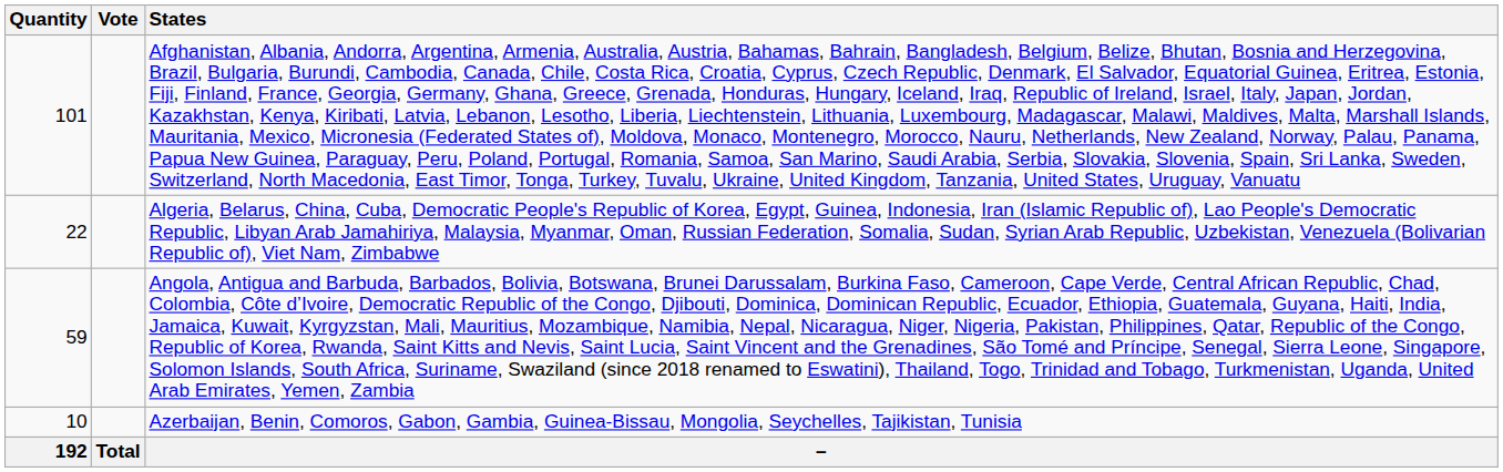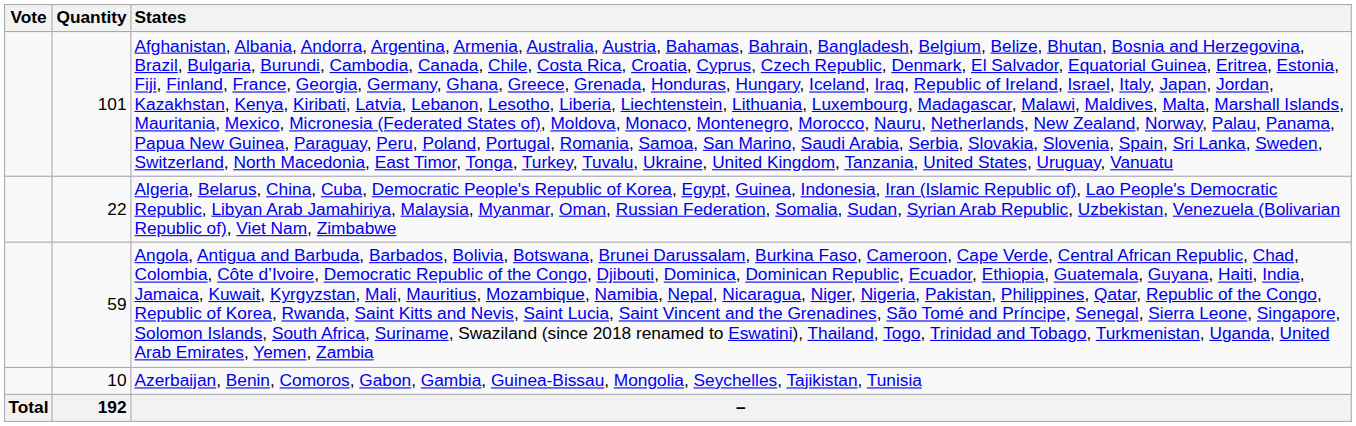 <table class="wikitable sortable">
 <tr>
+<th style="vertical-align: bottom">Vote</th>
 <th style="text-align: right; vertical-align: bottom;">Quantity</th>
-<th style="vertical-align: bottom">Vote</th>
 <th style="text-align: left; vertical-align: bottom">States</th>
 </tr>
 <tr>
+<td></td>
 <td style="text-align: right">101</td>
-<td></td>
 <td><a href='#'>Afghanistan</a>, <a href='#'>Albania</a>, <a href='#'>Andorra</a>, <a href='#'>Argentina</a>, <a href='#'>Armenia</a>, <a href='#'>Australia</a>, <a href='#'>Austria</a>, <a href='#'>Bahamas</a>, <a href='#'>Bahrain</a>, <a href='#'>Bangladesh</a>, <a href='#'>Belgium</a>, <a href='#'>Belize</a>, <a href='#'>Bhutan</a>, <a href='#'>Bosnia and Herzegovina</a>, <a href='#'>Brazil</a>, <a href='#'>Bulgaria</a>, <a href='#'>Burundi</a>, <a href='#'>Cambodia</a>, <a href='#'>Canada</a>, <a href='#'>Chile</a>, <a href='#'>Costa Rica</a>, <a href='#'>Croatia</a>, <a href='#'>Cyprus</a>, <a href='#'>Czech Republic</a>, <a href='#'>Denmark</a>, <a href='#'>El Salvador</a>, <a href='#'>Equatorial Guinea</a>, <a href='#'>Eritrea</a>, <a href='#'>Estonia</a>, <a href='#'>Fiji</a>, <a href='#'>Finland</a>, <a href='#'>France</a>, <a href='#'>Georgia</a>, <a href='#'>Germany</a>, <a href='#'>Ghana</a>, <a href='#'>Greece</a>, <a href='#'>Grenada</a>, <a href='#'>Honduras</a>, <a href='#'>Hungary</a>, <a href='#'>Iceland</a>, <a href='#'>Iraq</a>, <a href='#'>Republic of Ireland</a>, <a href='#'>Israel</a>, <a href='#'>Italy</a>, <a href='#'>Japan</a>, <a href='#'>Jordan</a>, <a href='#'>Kazakhstan</a>, <a href='#'>Kenya</a>, <a href='#'>Kiribati</a>, <a href='#'>Latvia</a>, <a href='#'>Lebanon</a>, <a href='#'>Lesotho</a>, <a href='#'>Liberia</a>, <a href='#'>Liechtenstein</a>, <a href='#'>Lithuania</a>, <a href='#'>Luxembourg</a>, <a href='#'>Madagascar</a>, <a href='#'>Malawi</a>, <a href='#'>Maldives</a>, <a href='#'>Malta</a>, <a href='#'>Marshall Islands</a>, <a href='#'>Mauritania</a>, <a href='#'>Mexico</a>, <a href='#'>Micronesia (Federated States of)</a>, <a href='#'>Moldova</a>, <a href='#'>Monaco</a>, <a href='#'>Montenegro</a>, <a href='#'>Morocco</a>, <a href='#'>Nauru</a>, <a href='#'>Netherlands</a>, <a href='#'>New Zealand</a>, <a href='#'>Norway</a>, <a href='#'>Palau</a>, <a href='#'>Panama</a>, <a href='#'>Papua New Guinea</a>, <a href='#'>Paraguay</a>, <a href='#'>Peru</a>, <a href='#'>Poland</a>, <a href='#'>Portugal</a>, <a href='#'>Romania</a>, <a href='#'>Samoa</a>, <a href='#'>San Marino</a>, <a href='#'>Saudi Arabia</a>, <a href='#'>Serbia</a>, <a href='#'>Slovakia</a>, <a href='#'>Slovenia</a>, <a href='#'>Spain</a>, <a href='#'>Sri Lanka</a>, <a href='#'>Sweden</a>, <a href='#'>Switzerland</a>, <a href='#'>North Macedonia</a>, <a href='#'>East Timor</a>, <a href='#'>Tonga</a>, <a href='#'>Turkey</a>, <a href='#'>Tuvalu</a>, <a href='#'>Ukraine</a>, <a href='#'>United Kingdom</a>, <a href='#'>Tanzania</a>, <a href='#'>United States</a>, <a href='#'>Uruguay</a>, <a href='#'>Vanuatu</a></td>
 </tr>
 <tr>
+<td></td>
 <td style="text-align: right">22</td>
-<td></td>
 <td><a href='#'>Algeria</a>, <a href='#'>Belarus</a>, <a href='#'>China</a>, <a href='#'>Cuba</a>, <a href='#'>Democratic People's Republic of Korea</a>, <a href='#'>Egypt</a>, <a href='#'>Guinea</a>, <a href='#'>Indonesia</a>, <a href='#'>Iran (Islamic Republic of)</a>, <a href='#'>Lao People's Democratic Republic</a>, <a href='#'>Libyan Arab Jamahiriya</a>, <a href='#'>Malaysia</a>, <a href='#'>Myanmar</a>, <a href='#'>Oman</a>, <a href='#'>Russian Federation</a>, <a href='#'>Somalia</a>, <a href='#'>Sudan</a>, <a href='#'>Syrian Arab Republic</a>, <a href='#'>Uzbekistan</a>, <a href='#'>Venezuela (Bolivarian Republic of)</a>, <a href='#'>Viet Nam</a>, <a href='#'>Zimbabwe</a></td>
 </tr>
 <tr>
+<td></td>
 <td style="text-align: right">59</td>
-<td></td>
 <td><a href='#'>Angola</a>, <a href='#'>Antigua and Barbuda</a>, <a href='#'>Barbados</a>, <a href='#'>Bolivia</a>, <a href='#'>Botswana</a>, <a href='#'>Brunei Darussalam</a>, <a href='#'>Burkina Faso</a>, <a href='#'>Cameroon</a>, <a href='#'>Cape Verde</a>, <a href='#'>Central African Republic</a>, <a href='#'>Chad</a>, <a href='#'>Colombia</a>, <a href='#'>Côte d’Ivoire</a>, <a href='#'>Democratic Republic of the Congo</a>, <a href='#'>Djibouti</a>, <a href='#'>Dominica</a>, <a href='#'>Dominican Republic</a>, <a href='#'>Ecuador</a>, <a href='#'>Ethiopia</a>, <a href='#'>Guatemala</a>, <a href='#'>Guyana</a>, <a href='#'>Haiti</a>, <a href='#'>India</a>, <a href='#'>Jamaica</a>, <a href='#'>Kuwait</a>, <a href='#'>Kyrgyzstan</a>, <a href='#'>Mali</a>, <a href='#'>Mauritius</a>, <a href='#'>Mozambique</a>, <a href='#'>Namibia</a>, <a href='#'>Nepal</a>, <a href='#'>Nicaragua</a>, <a href='#'>Niger</a>, <a href='#'>Nigeria</a>, <a href='#'>Pakistan</a>, <a href='#'>Philippines</a>, <a href='#'>Qatar</a>, <a href='#'>Republic of the Congo</a>, <a href='#'>Republic of Korea</a>, <a href='#'>Rwanda</a>, <a href='#'>Saint Kitts and Nevis</a>, <a href='#'>Saint Lucia</a>, <a href='#'>Saint Vincent and the Grenadines</a>, <a href='#'>São Tomé and Príncipe</a>, <a href='#'>Senegal</a>, <a href='#'>Sierra Leone</a>, <a href='#'>Singapore</a>, <a href='#'>Solomon Islands</a>, <a href='#'>South Africa</a>, <a href='#'>Suriname</a>, Swaziland (since 2018 renamed to <a href='#'>Eswatini</a>), <a href='#'>Thailand</a>, <a href='#'>Togo</a>, <a href='#'>Trinidad and Tobago</a>, <a href='#'>Turkmenistan</a>, <a href='#'>Uganda</a>, <a href='#'>United Arab Emirates</a>, <a href='#'>Yemen</a>, <a href='#'>Zambia</a></td>
 </tr>
 <tr>
+<td></td>
 <td style="text-align: right">10</td>
-<td></td>
 <td><a href='#'>Azerbaijan</a>, <a href='#'>Benin</a>, <a href='#'>Comoros</a>, <a href='#'>Gabon</a>, <a href='#'>Gambia</a>, <a href='#'>Guinea-Bissau</a>, <a href='#'>Mongolia</a>, <a href='#'>Seychelles</a>, <a href='#'>Tajikistan</a>, <a href='#'>Tunisia</a></td>
 </tr>
 <tr>
+<th style="text-align: left">Total</th>
 <th style="text-align: right">192</th>
-<th style="text-align: left">Total</th>
 <th>–</th>
 </tr>
 </table>
